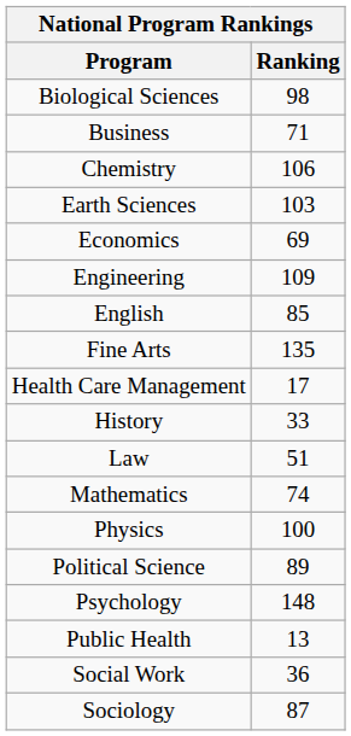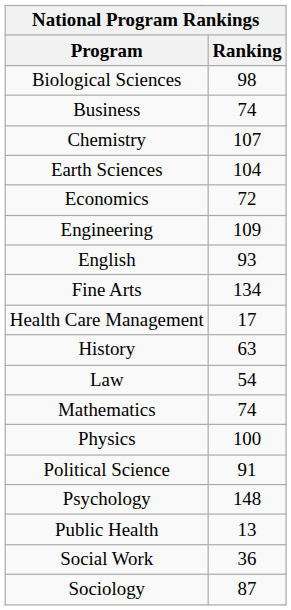 <table class="wikitable sortable collapsible collapsed" style="float:right; text-align:center">
 <tr>
 <th colspan=4>National Program Rankings</th>
 </tr>
 <tr>
 <th>Program</th>
 <th>Ranking</th>
 </tr>
 <tr>
 <td>Biological Sciences</td>
 <td>98</td>
 </tr>
 <tr>
 <td>Business</td>
-<td>71</td>
+<td>74</td>
 </tr>
 <tr>
 <td>Chemistry</td>
-<td>106</td>
+<td>107</td>
 </tr>
 <tr>
 <td>Earth Sciences</td>
-<td>103</td>
+<td>104</td>
 </tr>
 <tr>
 <td>Economics</td>
-<td>69</td>
+<td>72</td>
 </tr>
 <tr>
 <td>Engineering</td>
 <td>109</td>
 </tr>
 <tr>
 <td>English</td>
-<td>85</td>
+<td>93</td>
 </tr>
 <tr>
 <td>Fine Arts</td>
-<td>135</td>
+<td>134</td>
 </tr>
 <tr>
 <td>Health Care Management</td>
 <td>17</td>
 </tr>
 <tr>
 <td>History</td>
-<td>33</td>
+<td>63</td>
 </tr>
 <tr>
 <td>Law</td>
-<td>51</td>
+<td>54</td>
 </tr>
 <tr>
 <td>Mathematics</td>
 <td>74</td>
 </tr>
 <tr>
 <td>Physics</td>
 <td>100</td>
 </tr>
 <tr>
 <td>Political Science</td>
-<td>89</td>
+<td>91</td>
 </tr>
 <tr>
 <td>Psychology</td>
 <td>148</td>
 </tr>
 <tr>
 <td>Public Health</td>
 <td>13</td>
 </tr>
 <tr>
 <td>Social Work</td>
 <td>36</td>
 </tr>
 <tr>
 <td>Sociology</td>
 <td>87</td>
 </tr>
 </table>
